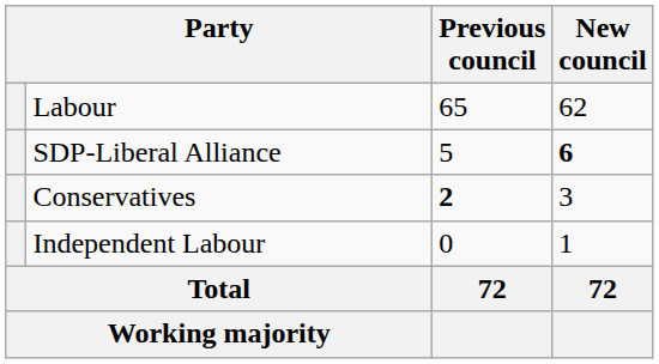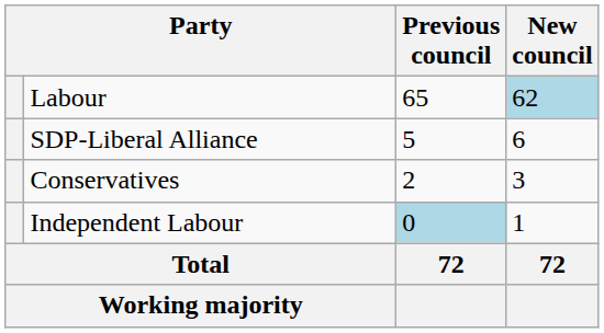 <table class="wikitable">
 <tr>
 <th valign=top colspan="2" style="width: 230px">Party</th>
 <th valign=top style="width: 30px">Previous council</th>
 <th valign=top style="width: 30px">New council</th>
 </tr>
 <tr>
 <th style="background-color: "></th>
 <td>Labour</td>
 <td>65</td>
-<td>62</td>
+<td style="background: lightblue;">62</td>
 </tr>
 <tr>
 <th style="background-color: "></th>
 <td>SDP-Liberal Alliance</td>
 <td>5</td>
-<td><strong>6</strong></td>
+<td>6</td>
 </tr>
 <tr>
 <th style="background-color: "></th>
 <td>Conservatives</td>
-<td><strong>2</strong></td>
+<td>2</td>
 <td>3</td>
 </tr>
 <tr>
 <th style="background-color: "></th>
 <td>Independent Labour</td>
-<td>0</td>
+<td style="background: lightblue;">0</td>
 <td>1</td>
 </tr>
 <tr>
 <th colspan=2>Total</th>
 <th style="text-align: center">72</th>
 <th colspan=3>72</th>
 </tr>
 <tr>
 <th colspan=2>Working majority</th>
 <th></th>
 <th></th>
 </tr>
 </table>
